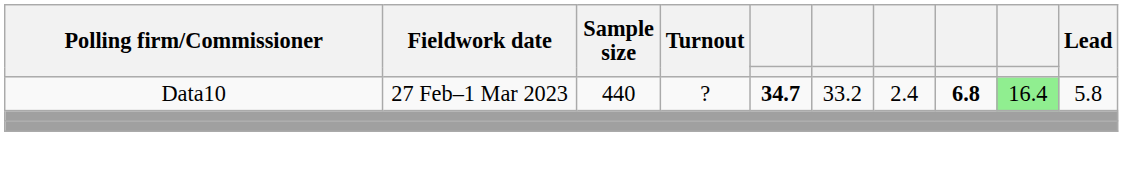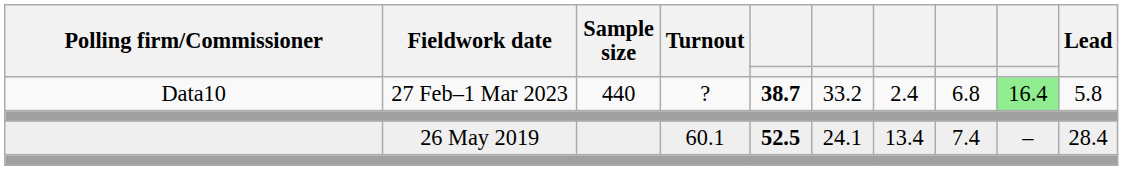 <table class="wikitable collapsible collapsed" style="text-align:center; font-size:95%; line-height:16px;">
 <tr style="height:42px;">
 <th style="width:250px;" rowspan="2">Polling firm/Commissioner</th>
 <th style="width:125px;" rowspan="2">Fieldwork date</th>
 <th style="width:50px;" rowspan="2">Sample size</th>
 <th style="width:45px;" rowspan="2">Turnout</th>
 <th style="width:35px;"></th>
 <th style="width:35px;"></th>
 <th style="width:35px;"></th>
 <th style="width:35px;"></th>
 <th style="width:35px;"></th>
 <th style="width:30px;" rowspan="2">Lead</th>
 </tr>
 <tr>
 <th style="color:inherit;background:"></th>
 <th style="color:inherit;background:"></th>
 <th style="color:inherit;background:"></th>
 <th style="color:inherit;background:"></th>
 <th style="color:inherit;background:"></th>
 </tr>
 <tr>
 <td>Data10</td>
 <td>27 Feb–1 Mar 2023</td>
 <td>440</td>
 <td>?</td>
-<td><strong>34.7</strong><br></td>
+<td><strong>38.7</strong><br></td>
 <td>33.2<br></td>
 <td>2.4<br></td>
-<td><strong>6.8<br></strong></td>
+<td>6.8<br></td>
 <td style="background: lightgreen;">16.4<br></td>
 <td style="background:">5.8</td>
 </tr>
 <tr>
 <td colspan="10" style="background:#A0A0A0"></td>
 </tr>
+<tr style="background:#EFEFEF;">
+<td><strong></strong></td>
+<td>26 May 2019</td>
+<td></td>
+<td>60.1</td>
+<td><strong>52.5</strong><br></td>
+<td>24.1<br></td>
+<td>13.4<br></td>
+<td>7.4<br></td>
+<td>–</td>
+<td style="background:">28.4</td>
+</tr>
 <tr>
 <td colspan="10" style="background:#A0A0A0"></td>
 </tr>
 </table>
